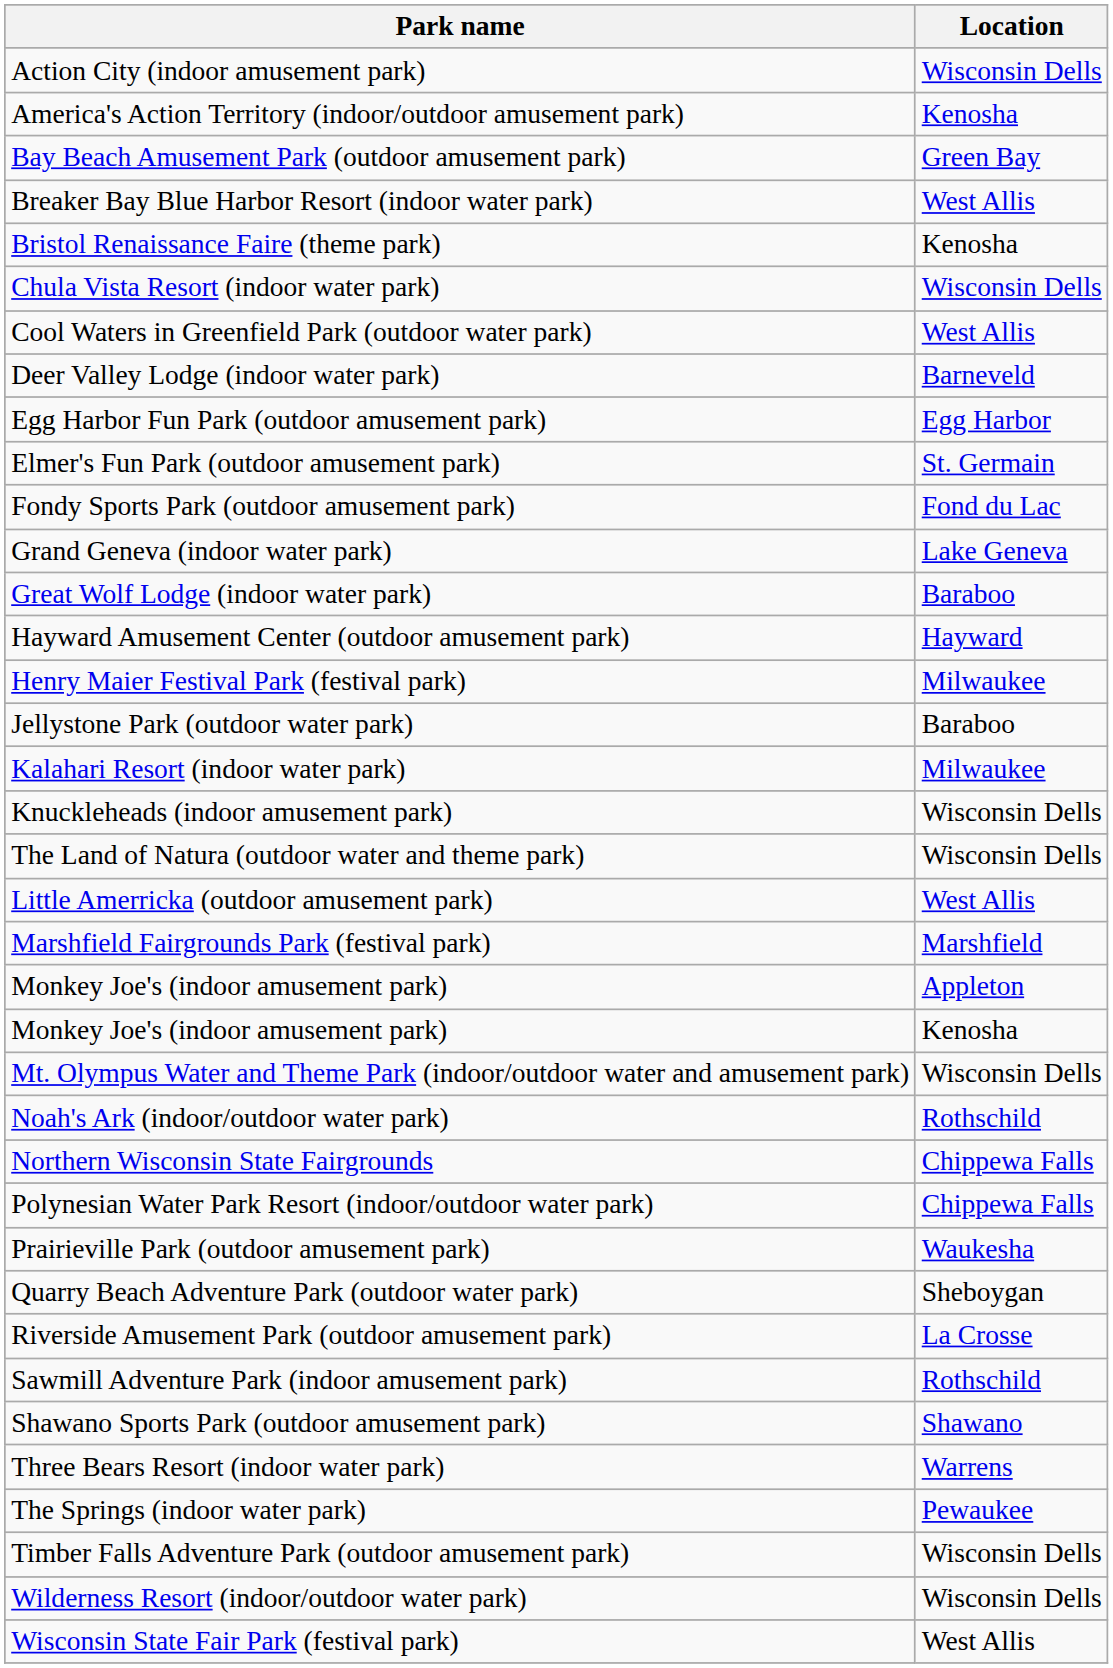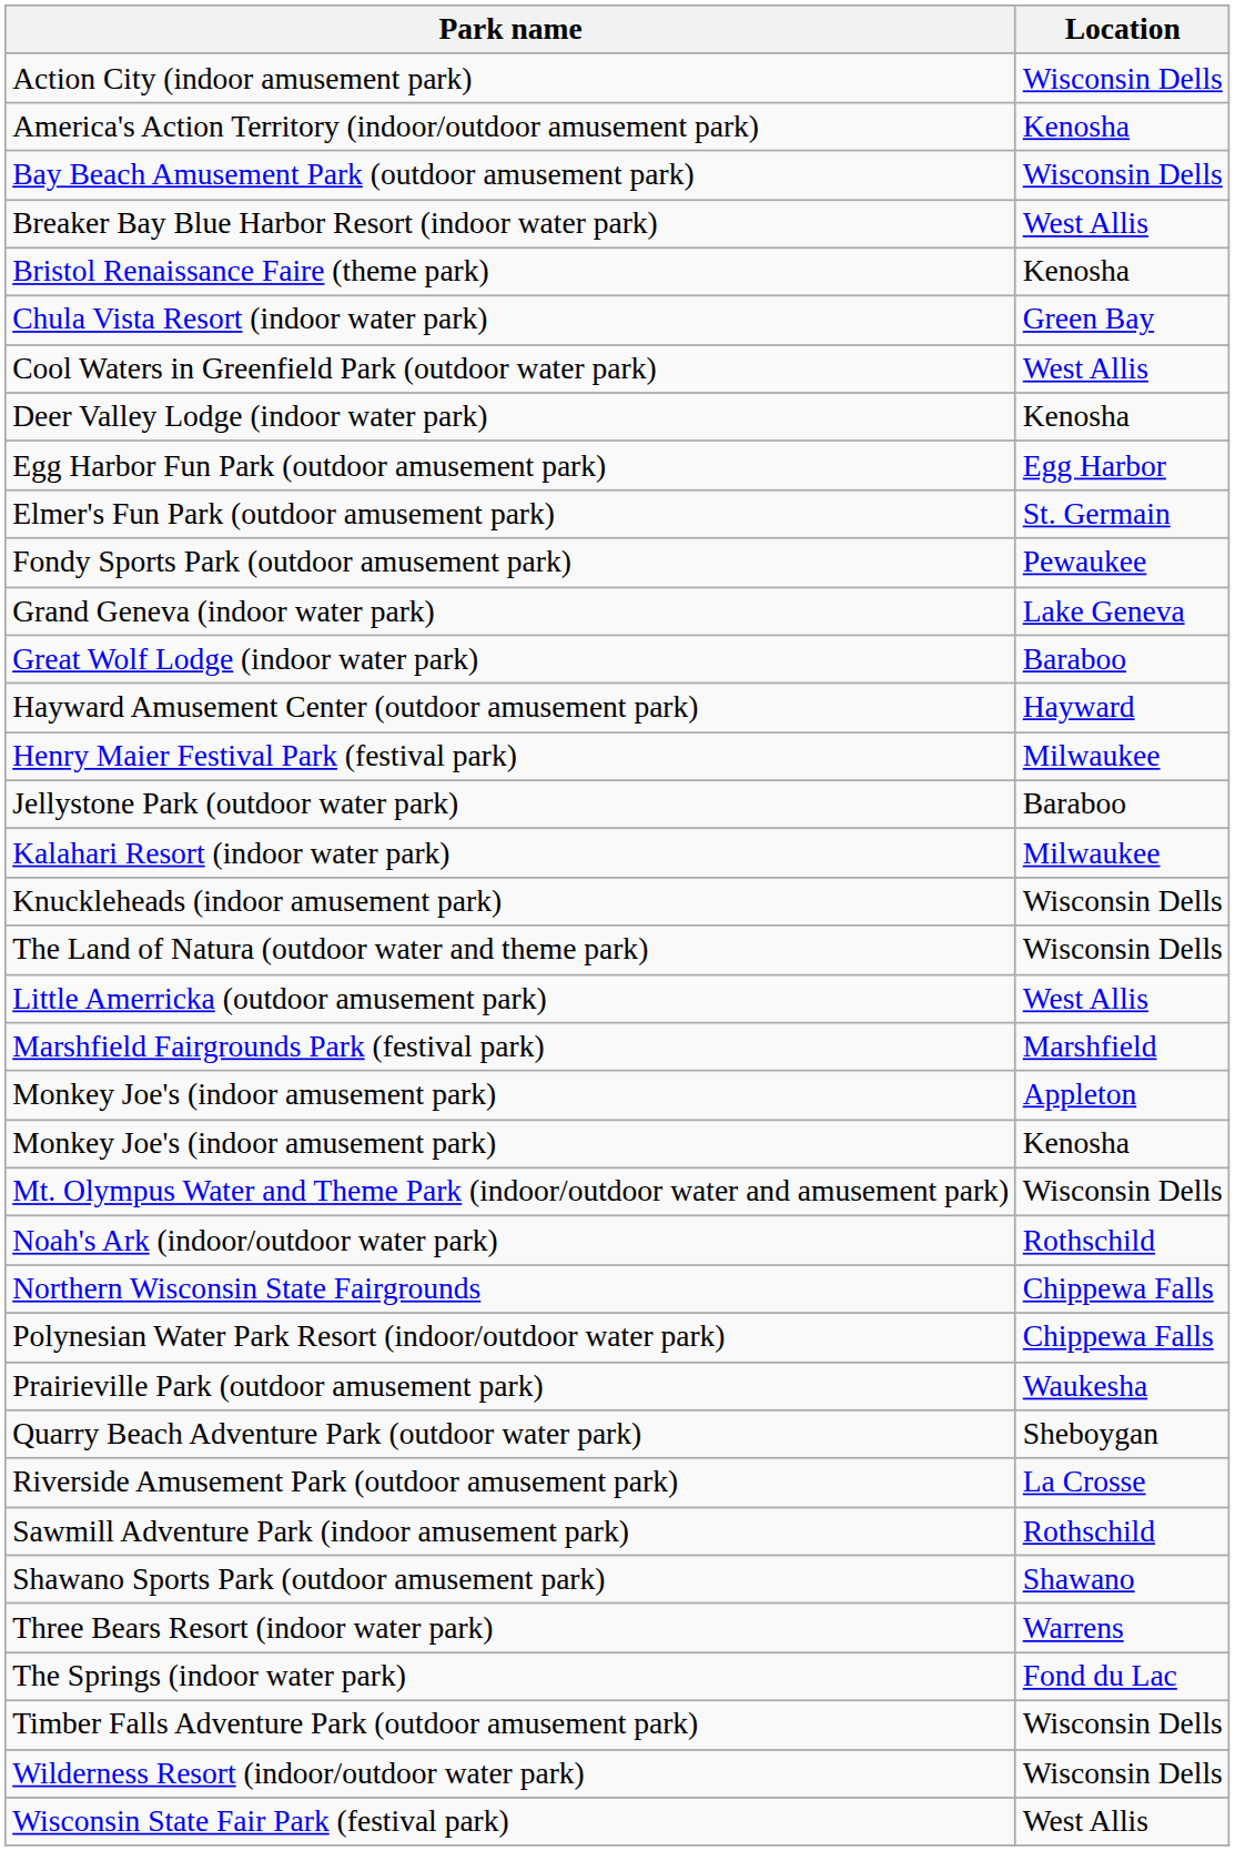 <table class="wikitable sortable">
 <tr>
 <th>Park name</th>
 <th>Location</th>
 </tr>
 <tr>
 <td>Action City (indoor amusement park)</td>
 <td><a href='#'>Wisconsin Dells</a></td>
 </tr>
 <tr>
 <td>America's Action Territory (indoor/outdoor amusement park)</td>
 <td><a href='#'>Kenosha</a></td>
 </tr>
 <tr>
 <td><a href='#'>Bay Beach Amusement Park</a> (outdoor amusement park)</td>
-<td><a href='#'>Green Bay</a></td>
+<td><a href='#'>Wisconsin Dells</a></td>
 </tr>
 <tr>
 <td>Breaker Bay Blue Harbor Resort (indoor water park)</td>
 <td><a href='#'>West Allis</a></td>
 </tr>
 <tr>
 <td><a href='#'>Bristol Renaissance Faire</a> (theme park)</td>
 <td>Kenosha</td>
 </tr>
 <tr>
 <td><a href='#'>Chula Vista Resort</a> (indoor water park)</td>
-<td><a href='#'>Wisconsin Dells</a></td>
+<td><a href='#'>Green Bay</a></td>
 </tr>
 <tr>
 <td>Cool Waters in Greenfield Park (outdoor water park)</td>
 <td><a href='#'>West Allis</a></td>
 </tr>
 <tr>
 <td>Deer Valley Lodge (indoor water park)</td>
-<td><a href='#'>Barneveld</a></td>
+<td>Kenosha</td>
 </tr>
 <tr>
 <td>Egg Harbor Fun Park (outdoor amusement park)</td>
 <td><a href='#'>Egg Harbor</a></td>
 </tr>
 <tr>
 <td>Elmer's Fun Park (outdoor amusement park)</td>
 <td><a href='#'>St. Germain</a></td>
 </tr>
 <tr>
 <td>Fondy Sports Park (outdoor amusement park)</td>
-<td><a href='#'>Fond du Lac</a></td>
+<td><a href='#'>Pewaukee</a></td>
 </tr>
 <tr>
 <td>Grand Geneva (indoor water park)</td>
 <td><a href='#'>Lake Geneva</a></td>
 </tr>
 <tr>
 <td><a href='#'>Great Wolf Lodge</a> (indoor water park)</td>
 <td><a href='#'>Baraboo</a></td>
 </tr>
 <tr>
 <td>Hayward Amusement Center (outdoor amusement park)</td>
 <td><a href='#'>Hayward</a></td>
 </tr>
 <tr>
 <td><a href='#'>Henry Maier Festival Park</a> (festival park)</td>
 <td><a href='#'>Milwaukee</a></td>
 </tr>
 <tr>
 <td>Jellystone Park (outdoor water park)</td>
 <td>Baraboo</td>
 </tr>
 <tr>
 <td><a href='#'>Kalahari Resort</a> (indoor water park)</td>
 <td><a href='#'>Milwaukee</a></td>
 </tr>
 <tr>
 <td>Knuckleheads (indoor amusement park)</td>
 <td>Wisconsin Dells</td>
 </tr>
 <tr>
 <td>The Land of Natura (outdoor water and theme park)</td>
 <td>Wisconsin Dells</td>
 </tr>
 <tr>
 <td><a href='#'>Little Amerricka</a> (outdoor amusement park)</td>
 <td><a href='#'>West Allis</a></td>
 </tr>
 <tr>
 <td><a href='#'>Marshfield Fairgrounds Park</a> (festival park)</td>
 <td><a href='#'>Marshfield</a></td>
 </tr>
 <tr>
 <td>Monkey Joe's (indoor amusement park)</td>
 <td><a href='#'>Appleton</a></td>
 </tr>
 <tr>
 <td>Monkey Joe's (indoor amusement park)</td>
 <td>Kenosha</td>
 </tr>
 <tr>
 <td><a href='#'>Mt. Olympus Water and Theme Park</a> (indoor/outdoor water and amusement park)</td>
 <td>Wisconsin Dells</td>
 </tr>
 <tr>
 <td><a href='#'>Noah's Ark</a> (indoor/outdoor water park)</td>
 <td><a href='#'>Rothschild</a></td>
 </tr>
 <tr>
 <td><a href='#'>Northern Wisconsin State Fairgrounds</a></td>
 <td><a href='#'>Chippewa Falls</a></td>
 </tr>
 <tr>
 <td>Polynesian Water Park Resort (indoor/outdoor water park)</td>
 <td><a href='#'>Chippewa Falls</a></td>
 </tr>
 <tr>
 <td>Prairieville Park (outdoor amusement park)</td>
 <td><a href='#'>Waukesha</a></td>
 </tr>
 <tr>
 <td>Quarry Beach Adventure Park (outdoor water park)</td>
 <td>Sheboygan</td>
 </tr>
 <tr>
 <td>Riverside Amusement Park (outdoor amusement park)</td>
 <td><a href='#'>La Crosse</a></td>
 </tr>
 <tr>
 <td>Sawmill Adventure Park (indoor amusement park)</td>
 <td><a href='#'>Rothschild</a></td>
 </tr>
 <tr>
 <td>Shawano Sports Park (outdoor amusement park)</td>
 <td><a href='#'>Shawano</a></td>
 </tr>
 <tr>
 <td>Three Bears Resort (indoor water park)</td>
 <td><a href='#'>Warrens</a></td>
 </tr>
 <tr>
 <td>The Springs (indoor water park)</td>
-<td><a href='#'>Pewaukee</a></td>
+<td><a href='#'>Fond du Lac</a></td>
 </tr>
 <tr>
 <td>Timber Falls Adventure Park (outdoor amusement park)</td>
 <td>Wisconsin Dells</td>
 </tr>
 <tr>
 <td><a href='#'>Wilderness Resort</a> (indoor/outdoor water park)</td>
 <td>Wisconsin Dells</td>
 </tr>
 <tr>
 <td><a href='#'>Wisconsin State Fair Park</a> (festival park)</td>
 <td>West Allis</td>
 </tr>
 </table>
